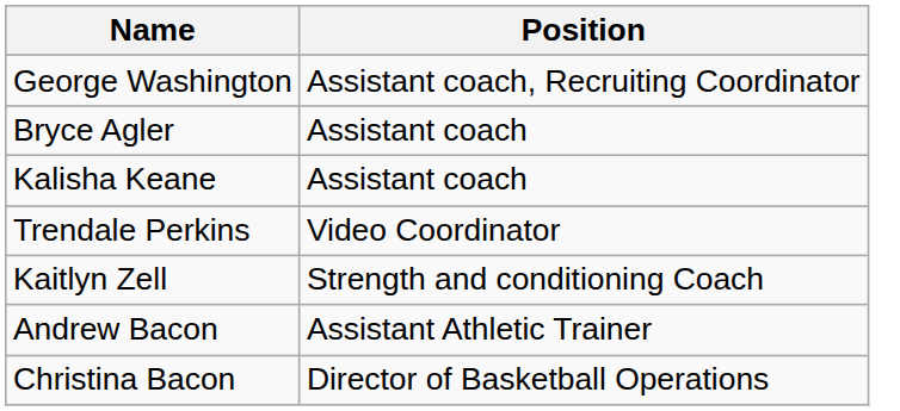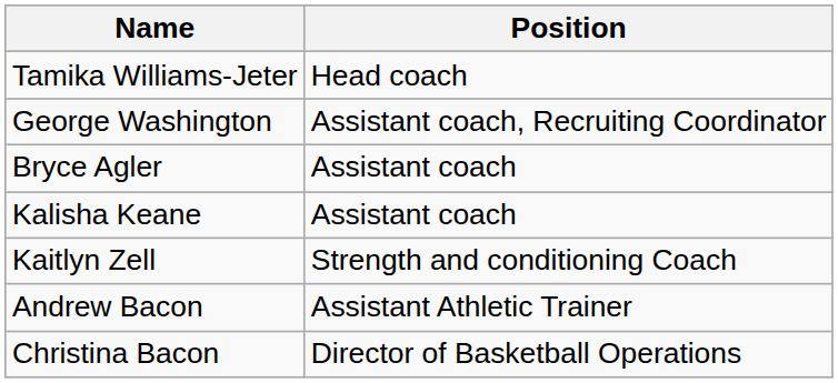 <table class="wikitable">
 <tr>
 <th>Name</th>
 <th>Position</th>
+</tr>
+<tr>
+<td>Tamika Williams-Jeter</td>
+<td>Head coach</td>
 </tr>
 <tr>
 <td>George Washington</td>
 <td>Assistant coach, Recruiting Coordinator</td>
 </tr>
 <tr>
 <td>Bryce Agler</td>
 <td>Assistant coach</td>
 </tr>
 <tr>
 <td>Kalisha Keane</td>
 <td>Assistant coach</td>
 </tr>
 <tr>
-<td>Trendale Perkins</td>
-<td>Video Coordinator</td>
-</tr>
-<tr>
 <td>Kaitlyn Zell</td>
 <td>Strength and conditioning Coach</td>
 </tr>
 <tr>
 <td>Andrew Bacon</td>
 <td>Assistant Athletic Trainer</td>
 </tr>
 <tr>
 <td>Christina Bacon</td>
 <td>Director of Basketball Operations</td>
 </tr>
 </table>
